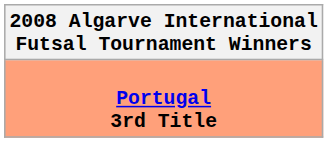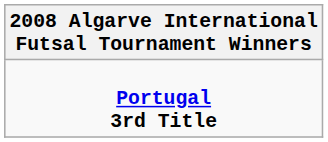 <table class="wikitable" style="text-align: center; margin: 0 auto;">
 <tr>
 <th>2008 Algarve International <br>Futsal Tournament Winners</th>
 </tr>
 <tr>
-<td style="background: lightsalmon;"><br><strong><a href='#'>Portugal</a></strong><br><strong>3rd Title</strong></td>
+<td><br><strong><a href='#'>Portugal</a></strong><br><strong>3rd Title</strong></td>
 </tr>
 </table>
